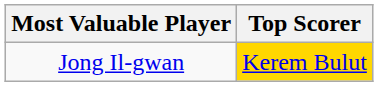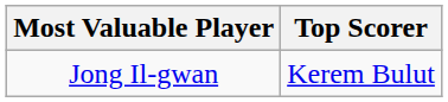 <table class=wikitable style="text-align:center; margin:auto">
 <tr>
 <th>Most Valuable Player</th>
 <th>Top Scorer</th>
 </tr>
 <tr>
 <td> <a href='#'>Jong Il-gwan</a></td>
-<td style="background: gold;"> <a href='#'>Kerem Bulut</a></td>
+<td> <a href='#'>Kerem Bulut</a></td>
 </tr>
 </table>
